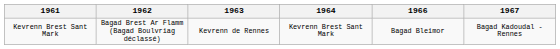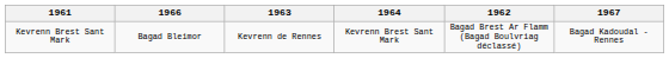 <table class="wikitable centre" width="800px" style="text-align:center;font-size:0.9em;table-layout:fixed;">
 <tr>
 <th scope="col">1961</th>
-<th scope="col">1962</th>
+<th scope="col">1966</th>
 <th scope="col">1963</th>
 <th scope="col">1964</th>
-<th scope="col">1966</th>
+<th scope="col">1962</th>
 <th scope="col">1967</th>
 </tr>
 <tr style="font-size:0.85em;">
 <td>Kevrenn Brest Sant Mark</td>
-<td>Bagad Brest Ar Flamm (Bagad Boulvriag déclassé)</td>
+<td>Bagad Bleimor</td>
 <td>Kevrenn de Rennes</td>
 <td>Kevrenn Brest Sant Mark</td>
-<td>Bagad Bleimor</td>
+<td>Bagad Brest Ar Flamm (Bagad Boulvriag déclassé)</td>
 <td>Bagad Kadoudal - Rennes</td>
 </tr>
 </table>
